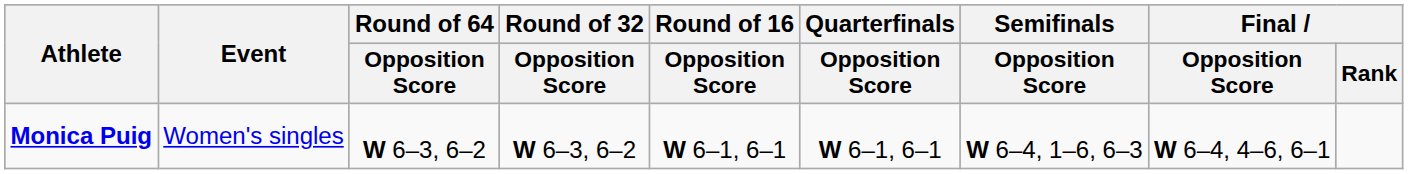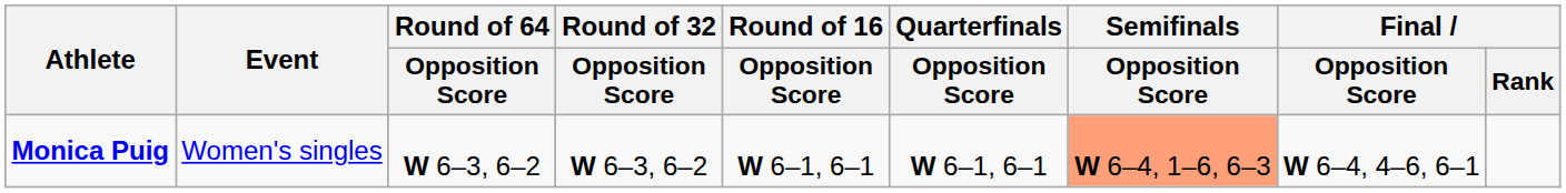 <table class=wikitable style="font-size:90%">
 <tr>
 <th rowspan="2">Athlete</th>
 <th rowspan="2">Event</th>
 <th>Round of 64</th>
 <th>Round of 32</th>
 <th>Round of 16</th>
 <th>Quarterfinals</th>
 <th>Semifinals</th>
 <th colspan=2>Final / </th>
 </tr>
 <tr style="font-size:95%">
 <th>Opposition<br>Score</th>
 <th>Opposition<br>Score</th>
 <th>Opposition<br>Score</th>
 <th>Opposition<br>Score</th>
 <th>Opposition<br>Score</th>
 <th>Opposition<br>Score</th>
 <th>Rank</th>
 </tr>
 <tr align=center>
 <td align=left><strong><a href='#'>Monica Puig</a></strong></td>
 <td align=left><a href='#'>Women's singles</a></td>
 <td><br><strong>W</strong> 6–3, 6–2</td>
 <td><br><strong>W</strong> 6–3, 6–2</td>
 <td><br><strong>W</strong> 6–1, 6–1</td>
 <td><br><strong>W</strong> 6–1, 6–1</td>
-<td><br><strong>W</strong> 6–4, 1–6, 6–3</td>
+<td style="background: lightsalmon;"><br><strong>W</strong> 6–4, 1–6, 6–3</td>
 <td><br><strong>W</strong> 6–4, 4–6, 6–1</td>
 <td></td>
 </tr>
 </table>
